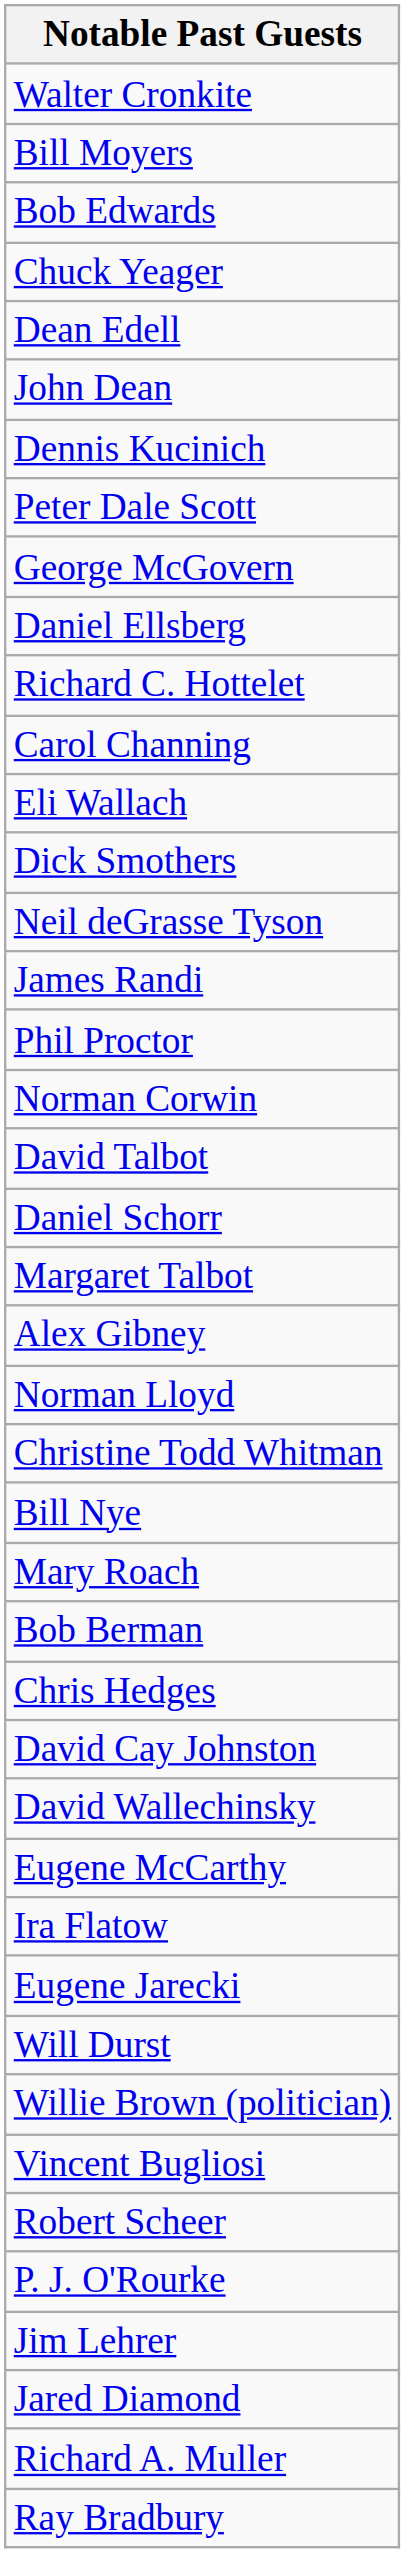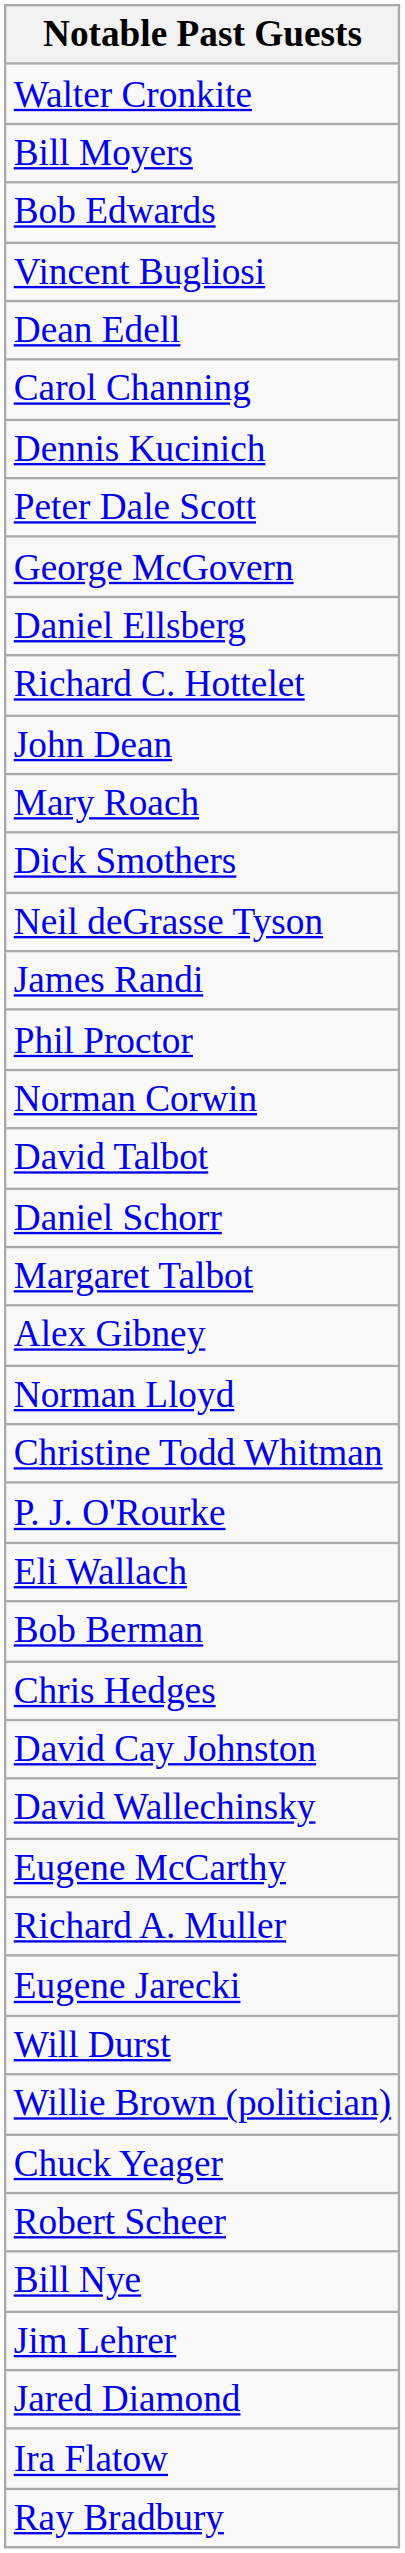 <table class="wikitable">
 <tr>
 <th>Notable Past Guests</th>
 </tr>
 <tr>
 <td><a href='#'>Walter Cronkite</a></td>
 </tr>
 <tr>
 <td><a href='#'>Bill Moyers</a></td>
 </tr>
 <tr>
 <td><a href='#'>Bob Edwards</a></td>
 </tr>
 <tr>
-<td><a href='#'>Chuck Yeager</a></td>
+<td><a href='#'>Vincent Bugliosi</a></td>
 </tr>
 <tr>
 <td><a href='#'>Dean Edell</a></td>
 </tr>
 <tr>
-<td><a href='#'>John Dean</a></td>
+<td><a href='#'>Carol Channing</a></td>
 </tr>
 <tr>
 <td><a href='#'>Dennis Kucinich</a></td>
 </tr>
 <tr>
 <td><a href='#'>Peter Dale Scott</a></td>
 </tr>
 <tr>
 <td><a href='#'>George McGovern</a></td>
 </tr>
 <tr>
 <td><a href='#'>Daniel Ellsberg</a></td>
 </tr>
 <tr>
 <td><a href='#'>Richard C. Hottelet</a></td>
 </tr>
 <tr>
-<td><a href='#'>Carol Channing</a></td>
+<td><a href='#'>John Dean</a></td>
 </tr>
 <tr>
-<td><a href='#'>Eli Wallach</a></td>
+<td><a href='#'>Mary Roach</a></td>
 </tr>
 <tr>
 <td><a href='#'>Dick Smothers</a></td>
 </tr>
 <tr>
 <td><a href='#'>Neil deGrasse Tyson</a></td>
 </tr>
 <tr>
 <td><a href='#'>James Randi</a></td>
 </tr>
 <tr>
 <td><a href='#'>Phil Proctor</a></td>
 </tr>
 <tr>
 <td><a href='#'>Norman Corwin</a></td>
 </tr>
 <tr>
 <td><a href='#'>David Talbot</a></td>
 </tr>
 <tr>
 <td><a href='#'>Daniel Schorr</a></td>
 </tr>
 <tr>
 <td><a href='#'>Margaret Talbot</a></td>
 </tr>
 <tr>
 <td><a href='#'>Alex Gibney</a></td>
 </tr>
 <tr>
 <td><a href='#'>Norman Lloyd</a></td>
 </tr>
 <tr>
 <td><a href='#'>Christine Todd Whitman</a></td>
 </tr>
 <tr>
-<td><a href='#'>Bill Nye</a></td>
+<td><a href='#'>P. J. O'Rourke</a></td>
 </tr>
 <tr>
-<td><a href='#'>Mary Roach</a></td>
+<td><a href='#'>Eli Wallach</a></td>
 </tr>
 <tr>
 <td><a href='#'>Bob Berman</a></td>
 </tr>
 <tr>
 <td><a href='#'>Chris Hedges</a></td>
 </tr>
 <tr>
 <td><a href='#'>David Cay Johnston</a></td>
 </tr>
 <tr>
 <td><a href='#'>David Wallechinsky</a></td>
 </tr>
 <tr>
 <td><a href='#'>Eugene McCarthy</a></td>
 </tr>
 <tr>
-<td><a href='#'>Ira Flatow</a></td>
+<td><a href='#'>Richard A. Muller</a></td>
 </tr>
 <tr>
 <td><a href='#'>Eugene Jarecki</a></td>
 </tr>
 <tr>
 <td><a href='#'>Will Durst</a></td>
 </tr>
 <tr>
 <td><a href='#'>Willie Brown (politician)</a></td>
 </tr>
 <tr>
-<td><a href='#'>Vincent Bugliosi</a></td>
+<td><a href='#'>Chuck Yeager</a></td>
 </tr>
 <tr>
 <td><a href='#'>Robert Scheer</a></td>
 </tr>
 <tr>
-<td><a href='#'>P. J. O'Rourke</a></td>
+<td><a href='#'>Bill Nye</a></td>
 </tr>
 <tr>
 <td><a href='#'>Jim Lehrer</a></td>
 </tr>
 <tr>
 <td><a href='#'>Jared Diamond</a></td>
 </tr>
 <tr>
-<td><a href='#'>Richard A. Muller</a></td>
+<td><a href='#'>Ira Flatow</a></td>
 </tr>
 <tr>
 <td><a href='#'>Ray Bradbury</a></td>
 </tr>
 </table>
